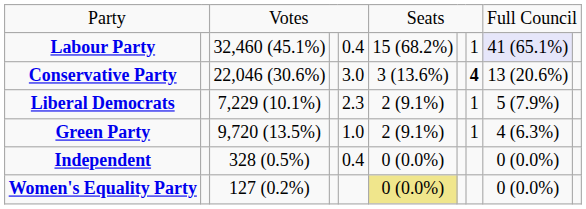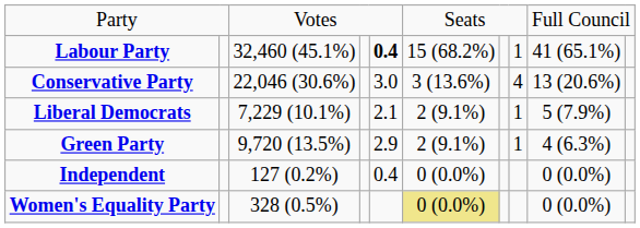 <table class=wikitable style="text-align:center;">
 <tr>
 <td colspan=2>Party</td>
 <td colspan=3>Votes</td>
 <td colspan=3>Seats</td>
 <td colspan=3>Full Council</td>
 </tr>
 <tr>
 <td><strong><a href='#'>Labour Party</a></strong></td>
 <td style="background:"></td>
 <td>32,460 (45.1%)</td>
 <td></td>
-<td> 0.4</td>
+<td><strong> 0.4</strong></td>
 <td>15 (68.2%)</td>
 <td></td>
 <td> 1</td>
-<td style="background: lavender;">41 (65.1%)</td>
+<td>41 (65.1%)</td>
 <td></td>
 </tr>
 <tr>
 <td><strong><a href='#'>Conservative Party</a></strong></td>
 <td style="background:"></td>
 <td>22,046 (30.6%)</td>
 <td></td>
 <td> 3.0</td>
 <td>3 (13.6%)</td>
 <td></td>
-<td><strong> 4</strong></td>
+<td> 4</td>
 <td>13 (20.6%)</td>
 <td></td>
 </tr>
 <tr>
 <td><strong><a href='#'>Liberal Democrats</a></strong></td>
 <td style="background:"></td>
 <td>7,229 (10.1%)</td>
 <td></td>
-<td> 2.3</td>
+<td> 2.1</td>
 <td>2 (9.1%)</td>
 <td></td>
 <td> 1</td>
 <td>5 (7.9%)</td>
 <td></td>
 </tr>
 <tr>
 <td><strong><a href='#'>Green Party</a></strong></td>
 <td style="background:"></td>
 <td>9,720 (13.5%)</td>
 <td></td>
-<td> 1.0</td>
+<td> 2.9</td>
 <td>2 (9.1%)</td>
 <td></td>
 <td> 1</td>
 <td>4 (6.3%)</td>
 <td></td>
 </tr>
 <tr>
 <td><strong><a href='#'>Independent</a></strong></td>
 <td style="background:"></td>
-<td>328 (0.5%)</td>
+<td>127 (0.2%)</td>
 <td></td>
 <td> 0.4</td>
 <td>0 (0.0%)</td>
 <td></td>
 <td></td>
 <td>0 (0.0%)</td>
 <td></td>
 </tr>
 <tr>
 <td><strong><a href='#'>Women's Equality Party</a></strong></td>
 <td style="background:"></td>
-<td>127 (0.2%)</td>
+<td>328 (0.5%)</td>
 <td></td>
 <td></td>
 <td style="background: khaki;">0 (0.0%)</td>
 <td></td>
 <td></td>
 <td>0 (0.0%)</td>
 <td></td>
 </tr>
 </table>
